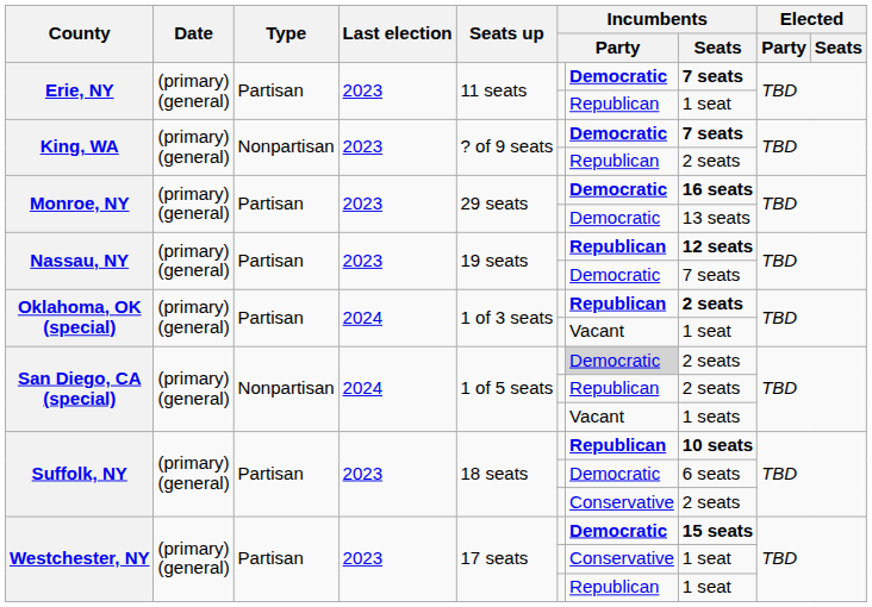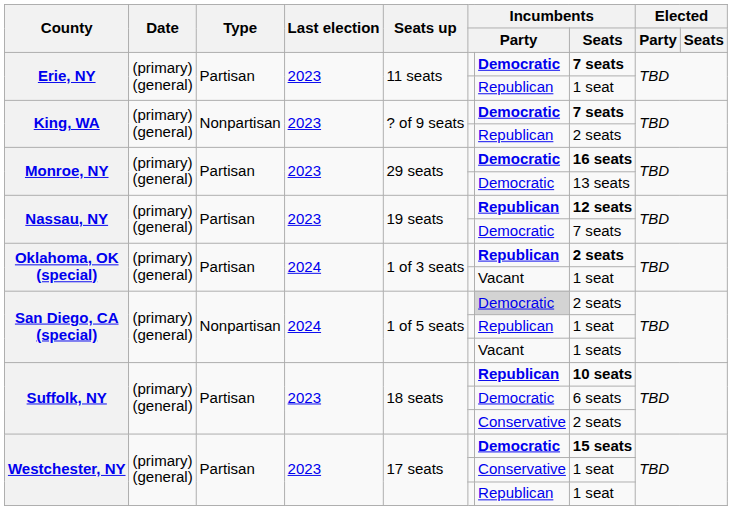 <table class="wikitable">
 <tr>
 <th rowspan="2">County</th>
 <th rowspan="2">Date</th>
 <th rowspan="2">Type</th>
 <th rowspan="2">Last election</th>
 <th rowspan="2">Seats up</th>
 <th colspan=3>Incumbents</th>
 <th colspan=3>Elected</th>
 </tr>
 <tr>
 <th colspan=2 align="center">Party</th>
 <th align="center">Seats</th>
 <th colspan=2 align="center">Party</th>
 <th align="center">Seats</th>
 </tr>
 <tr>
 <th rowspan="2"><a href='#'>Erie, NY</a></th>
 <td rowspan="2"> (primary)<br> (general)</td>
 <td rowspan="2">Partisan</td>
 <td rowspan="2"><a href='#'>2023</a></td>
 <td rowspan="2">11 seats</td>
 <td style="background-color:"></td>
 <td><strong><a href='#'>Democratic</a></strong></td>
 <td><strong>7 seats</strong></td>
 <td colspan=3 rowspan="2"><em>TBD</em></td>
 </tr>
 <tr>
 <td style="background-color:"></td>
 <td><a href='#'>Republican</a></td>
 <td>1 seat</td>
 </tr>
 <tr>
 <th rowspan="2"><a href='#'>King, WA</a></th>
 <td rowspan="2"> (primary)<br> (general)</td>
 <td rowspan="2">Nonpartisan</td>
 <td rowspan="2"><a href='#'>2023</a></td>
 <td rowspan="2">? of 9 seats</td>
 <td style="background-color:"></td>
 <td><strong><a href='#'>Democratic</a></strong></td>
 <td><strong>7 seats</strong></td>
 <td colspan=3 rowspan="2"><em>TBD</em></td>
 </tr>
 <tr>
 <td style="background-color:"></td>
 <td><a href='#'>Republican</a></td>
 <td>2 seats</td>
 </tr>
 <tr>
 <th rowspan="2"><a href='#'>Monroe, NY</a></th>
 <td rowspan="2"> (primary)<br> (general)</td>
 <td rowspan="2">Partisan</td>
 <td rowspan="2"><a href='#'>2023</a></td>
 <td rowspan="2">29 seats</td>
 <td style="background-color:"></td>
 <td><strong><a href='#'>Democratic</a></strong></td>
 <td><strong>16 seats</strong></td>
 <td colspan=3 rowspan="2"><em>TBD</em></td>
 </tr>
 <tr>
 <td style="background-color:"></td>
 <td><a href='#'>Democratic</a></td>
 <td>13 seats</td>
 </tr>
 <tr>
 <th rowspan="2"><a href='#'>Nassau, NY</a></th>
 <td rowspan="2"> (primary)<br> (general)</td>
 <td rowspan="2">Partisan</td>
 <td rowspan="2"><a href='#'>2023</a></td>
 <td rowspan="2">19 seats</td>
 <td style="background-color:"></td>
 <td><strong><a href='#'>Republican</a></strong></td>
 <td><strong>12 seats</strong></td>
 <td colspan=3 rowspan="2"><em>TBD</em></td>
 </tr>
 <tr>
 <td style="background-color:"></td>
 <td><a href='#'>Democratic</a></td>
 <td>7 seats</td>
 </tr>
 <tr>
 <th rowspan="2"><a href='#'>Oklahoma, OK<br>(special)</a></th>
 <td rowspan="2"> (primary)<br> (general)</td>
 <td rowspan="2">Partisan</td>
 <td rowspan="2"><a href='#'>2024</a></td>
 <td rowspan="2">1 of 3 seats</td>
 <td style="background-color:"></td>
 <td><strong><a href='#'>Republican</a></strong></td>
 <td><strong>2 seats</strong></td>
 <td colspan=3 rowspan="2"><em>TBD</em></td>
 </tr>
 <tr>
 <td></td>
 <td>Vacant</td>
 <td>1 seat</td>
 </tr>
 <tr>
 <th rowspan="3"><a href='#'>San Diego, CA<br>(special)</a></th>
 <td rowspan="3"> (primary)<br> (general)</td>
 <td rowspan="3">Nonpartisan</td>
 <td rowspan="3"><a href='#'>2024</a></td>
 <td rowspan="3">1 of 5 seats</td>
 <td style="background-color:"></td>
 <td style="background: lightgrey;"><a href='#'>Democratic</a></td>
 <td>2 seats</td>
 <td colspan=3 rowspan="3"><em>TBD</em></td>
 </tr>
 <tr>
 <td style="background-color:"></td>
 <td><a href='#'>Republican</a></td>
-<td>2 seats</td>
+<td>1 seat</td>
 </tr>
 <tr>
 <td></td>
 <td>Vacant</td>
 <td>1 seats</td>
 </tr>
 <tr>
 <th rowspan="3"><a href='#'>Suffolk, NY</a></th>
 <td rowspan="3"> (primary)<br> (general)</td>
 <td rowspan="3">Partisan</td>
 <td rowspan="3"><a href='#'>2023</a></td>
 <td rowspan="3">18 seats</td>
 <td style="background-color:"></td>
 <td><strong><a href='#'>Republican</a></strong></td>
 <td><strong>10 seats</strong></td>
 <td colspan=3 rowspan="3"><em>TBD</em></td>
 </tr>
 <tr>
 <td style="background-color:"></td>
 <td><a href='#'>Democratic</a></td>
 <td>6 seats</td>
 </tr>
 <tr>
 <td style="background-color:"></td>
 <td><a href='#'>Conservative</a></td>
 <td>2 seats</td>
 </tr>
 <tr>
 <th rowspan="3"><a href='#'>Westchester, NY</a></th>
 <td rowspan="3"> (primary)<br> (general)</td>
 <td rowspan="3">Partisan</td>
 <td rowspan="3"><a href='#'>2023</a></td>
 <td rowspan="3">17 seats</td>
 <td style="background-color:"></td>
 <td><strong><a href='#'>Democratic</a></strong></td>
 <td><strong>15 seats</strong></td>
 <td colspan=3 rowspan="3"><em>TBD</em></td>
 </tr>
 <tr>
 <td style="background-color:"></td>
 <td><a href='#'>Conservative</a></td>
 <td>1 seat</td>
 </tr>
 <tr>
 <td style="background-color:"></td>
 <td><a href='#'>Republican</a></td>
 <td>1 seat</td>
 </tr>
 </table>
